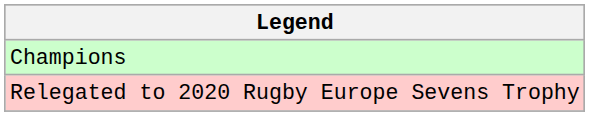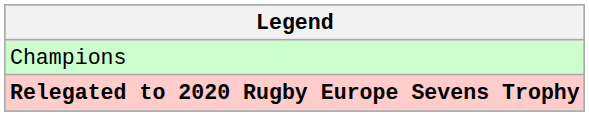 <table class="wikitable">
 <tr>
 <th>Legend</th>
 </tr>
 <tr bgcolor=ccffcc>
 <td>Champions</td>
 </tr>
 <tr bgcolor=ffcccc>
-<td>Relegated to 2020 Rugby Europe Sevens Trophy</td>
+<td><strong>Relegated to 2020 Rugby Europe Sevens Trophy</strong></td>
 </tr>
 </table>
